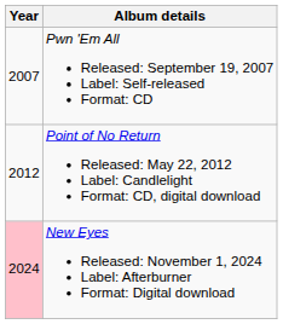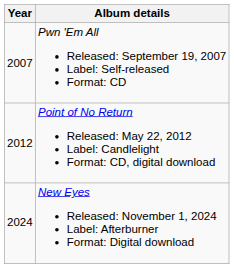 <table class="wikitable">
 <tr>
 <th scope="col">Year</th>
 <th scope="col">Album details</th>
 </tr>
 <tr>
 <td>2007</td>
 <td><em>Pwn 'Em All</em><br><ul><li>Released: September 19, 2007</li><li>Label: Self-released</li><li>Format: CD</li></ul></td>
 </tr>
 <tr>
 <td>2012</td>
 <td><em><a href='#'>Point of No Return</a></em><br><ul><li>Released: May 22, 2012</li><li>Label: Candlelight</li><li>Format: CD, digital download</li></ul></td>
 </tr>
 <tr>
-<td style="background: pink;">2024</td>
+<td>2024</td>
 <td><em><a href='#'>New Eyes</a></em><br><ul><li>Released: November 1, 2024</li><li>Label: Afterburner</li><li>Format: Digital download</li></ul></td>
 </tr>
 </table>
